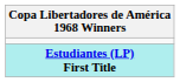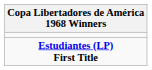 <table class="wikitable" style="text-align: center; margin: 0 auto;">
 <tr>
 <th>Copa Libertadores de América<br>1968 Winners</th>
 </tr>
 <tr>
 <td></td>
 </tr>
 <tr>
-<td style="background: paleturquoise;"><strong><a href='#'>Estudiantes (LP)</a></strong><br><strong>First Title</strong></td>
+<td><strong><a href='#'>Estudiantes (LP)</a></strong><br><strong>First Title</strong></td>
 </tr>
 </table>
